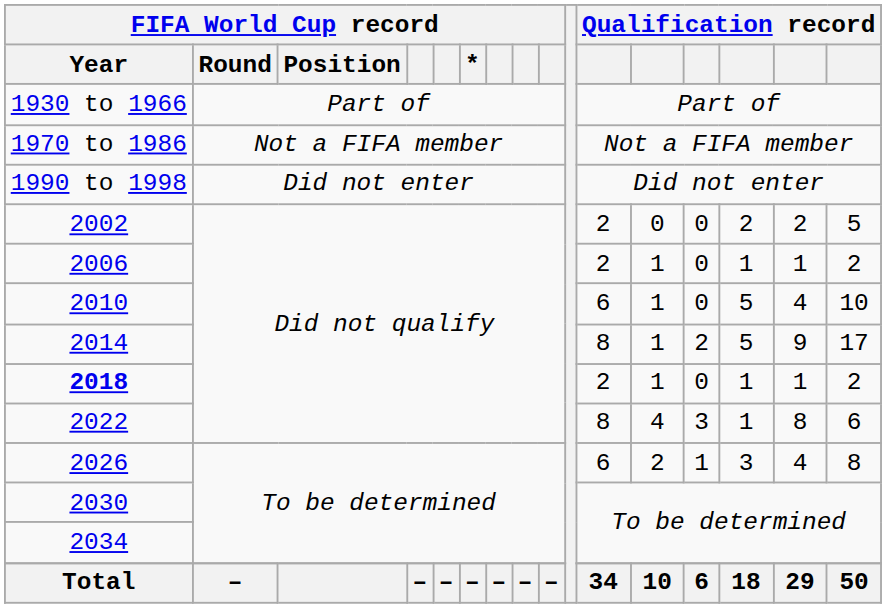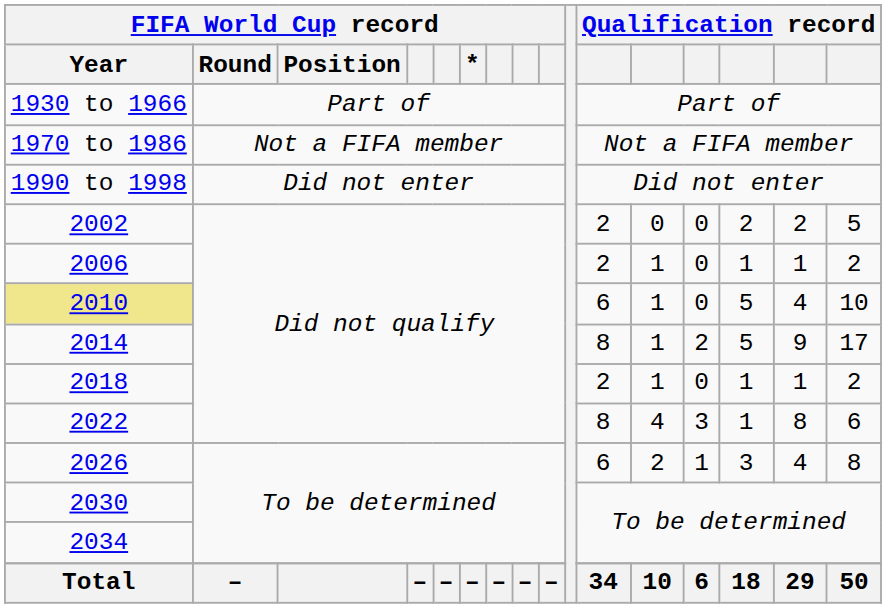 <table class="wikitable" style="text-align:center">
 <tr>
 <th colspan=9><a href='#'>FIFA World Cup</a> record</th>
 <th rowspan="30"></th>
 <th colspan=6><a href='#'>Qualification</a> record</th>
 </tr>
 <tr>
 <th>Year</th>
 <th>Round</th>
 <th>Position</th>
 <th></th>
 <th></th>
 <th>*</th>
 <th></th>
 <th></th>
 <th></th>
 <th></th>
 <th></th>
 <th></th>
 <th></th>
 <th></th>
 <th></th>
 </tr>
 <tr>
 <td><a href='#'>1930</a> to <a href='#'>1966</a></td>
 <td colspan=8><em>Part of </em></td>
 <td colspan=6><em>Part of </em></td>
 </tr>
 <tr>
 <td><a href='#'>1970</a> to <a href='#'>1986</a></td>
 <td colspan=8><em>Not a FIFA member</em></td>
 <td colspan=6><em>Not a FIFA member</em></td>
 </tr>
 <tr>
 <td><a href='#'>1990</a> to <a href='#'>1998</a></td>
 <td colspan=8><em>Did not enter</em></td>
 <td colspan=6><em>Did not enter</em></td>
 </tr>
 <tr>
 <td>  <a href='#'>2002</a></td>
 <td rowspan=6 colspan=9><em>Did not qualify</em></td>
 <td>2</td>
 <td>0</td>
 <td>0</td>
 <td>2</td>
 <td>2</td>
 <td>5</td>
 </tr>
 <tr>
 <td> <a href='#'>2006</a></td>
 <td>2</td>
 <td>1</td>
 <td>0</td>
 <td>1</td>
 <td>1</td>
 <td>2</td>
 </tr>
 <tr>
-<td> <a href='#'>2010</a></td>
+<td style="background: khaki;"> <a href='#'>2010</a></td>
 <td>6</td>
 <td>1</td>
 <td>0</td>
 <td>5</td>
 <td>4</td>
 <td>10</td>
 </tr>
 <tr>
 <td> <a href='#'>2014</a></td>
 <td>8</td>
 <td>1</td>
 <td>2</td>
 <td>5</td>
 <td>9</td>
 <td>17</td>
 </tr>
 <tr>
-<td><strong> <a href='#'>2018</a></strong></td>
+<td> <a href='#'>2018</a></td>
 <td>2</td>
 <td>1</td>
 <td>0</td>
 <td>1</td>
 <td>1</td>
 <td>2</td>
 </tr>
 <tr>
 <td> <a href='#'>2022</a></td>
 <td>8</td>
 <td>4</td>
 <td>3</td>
 <td>1</td>
 <td>8</td>
 <td>6</td>
 </tr>
 <tr>
 <td>   <a href='#'>2026</a></td>
 <td rowspan=3 colspan=8><em>To be determined</em></td>
 <td>6</td>
 <td>2</td>
 <td>1</td>
 <td>3</td>
 <td>4</td>
 <td>8</td>
 </tr>
 <tr>
 <td>   <a href='#'>2030</a></td>
 <td rowspan=2 colspan=6><em>To be determined</em></td>
 </tr>
 <tr>
 <td> <a href='#'>2034</a></td>
 </tr>
 <tr>
 </tr>
 <tr>
 <th>Total</th>
 <th>–</th>
 <th></th>
 <th>–</th>
 <th>–</th>
 <th>–</th>
 <th>–</th>
 <th>–</th>
 <th>–</th>
 <th>34</th>
 <th>10</th>
 <th>6</th>
 <th>18</th>
 <th>29</th>
 <th>50</th>
 </tr>
 </table>
